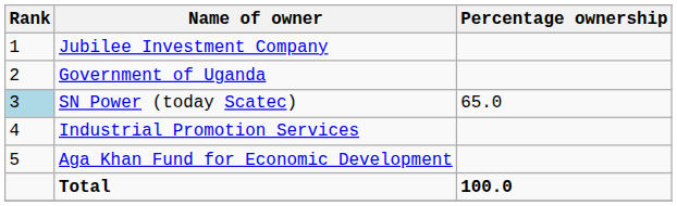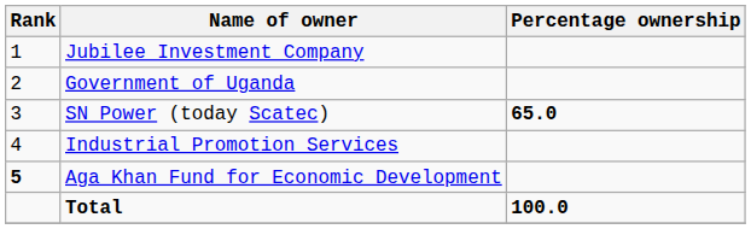 <table class="wikitable sortable">
 <tr>
 <th style="width:2em;">Rank</th>
 <th>Name of owner</th>
 <th>Percentage ownership</th>
 </tr>
 <tr>
 <td>1</td>
 <td><a href='#'>Jubilee Investment Company</a></td>
 <td></td>
 </tr>
 <tr>
 <td>2</td>
 <td><a href='#'>Government of Uganda</a></td>
 <td></td>
 </tr>
 <tr>
-<td style="background: lightblue;">3</td>
+<td>3</td>
 <td><a href='#'>SN Power</a> (today <a href='#'>Scatec</a>)</td>
-<td>65.0</td>
+<td><strong>65.0</strong></td>
 </tr>
 <tr>
 <td>4</td>
 <td><a href='#'>Industrial Promotion Services</a></td>
 <td></td>
 </tr>
 <tr>
-<td>5</td>
+<td><strong>5</strong></td>
 <td><a href='#'>Aga Khan Fund for Economic Development</a></td>
 <td></td>
 </tr>
 <tr>
 <td></td>
 <td><strong>Total</strong></td>
 <td><strong>100.0</strong></td>
 </tr>
 <tr>
 </tr>
 </table>
